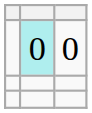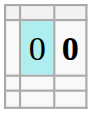 <table class="wikitable">
 <tr>
 <th></th>
 <th></th>
 <th></th>
 </tr>
 <tr>
 <td></td>
 <td style="background: paleturquoise;">0</td>
-<td>0</td>
+<td><strong>0</strong></td>
 </tr>
 <tr>
 <td></td>
 <td></td>
 <td></td>
 </tr>
 <tr>
 <td></td>
 <td></td>
 <td></td>
 </tr>
 </table>
